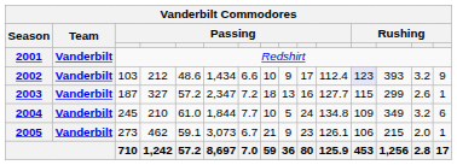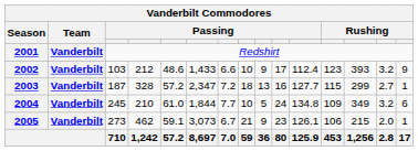 <table class="wikitable" style="text-align:center;">
 <tr>
 <th colspan="17">Vanderbilt Commodores</th>
 </tr>
 <tr>
 <th rowspan="2">Season</th>
 <th rowspan="2">Team</th>
 <th colspan="9">Passing</th>
 <th colspan="4">Rushing</th>
 </tr>
 <tr>
 <th></th>
 <th></th>
 <th></th>
 <th></th>
 <th></th>
 <th></th>
 <th></th>
 <th></th>
 <th></th>
 <th></th>
 <th></th>
 <th></th>
 <th></th>
 </tr>
 <tr>
 <th><a href='#'>2001</a></th>
 <th><a href='#'>Vanderbilt</a></th>
 <td colspan="13"> <em><a href='#'>Redshirt</a></em></td>
 </tr>
 <tr>
 <th><a href='#'>2002</a></th>
 <th><a href='#'>Vanderbilt</a></th>
 <td>103</td>
 <td>212</td>
 <td>48.6</td>
-<td>1,434</td>
+<td>1,433</td>
 <td>6.6</td>
 <td>10</td>
 <td>9</td>
 <td>17</td>
 <td>112.4</td>
-<td style="background: lavender;">123</td>
+<td>123</td>
 <td>393</td>
 <td>3.2</td>
 <td>9</td>
 </tr>
 <tr>
 <th><a href='#'>2003</a></th>
 <th><a href='#'>Vanderbilt</a></th>
 <td>187</td>
-<td>327</td>
+<td>328</td>
 <td>57.2</td>
 <td>2,347</td>
 <td>7.2</td>
 <td>18</td>
 <td>13</td>
 <td>16</td>
 <td>127.7</td>
 <td>115</td>
 <td>299</td>
-<td>2.6</td>
+<td>2.7</td>
 <td>1</td>
 </tr>
 <tr>
 <th><a href='#'>2004</a></th>
 <th><a href='#'>Vanderbilt</a></th>
 <td>245</td>
 <td>210</td>
 <td>61.0</td>
 <td>1,844</td>
 <td>7.7</td>
 <td>10</td>
 <td>5</td>
 <td>24</td>
 <td>134.8</td>
 <td>109</td>
 <td>349</td>
 <td>3.2</td>
 <td>6</td>
 </tr>
 <tr>
 <th><a href='#'>2005</a></th>
 <th><a href='#'>Vanderbilt</a></th>
 <td>273</td>
 <td>462</td>
 <td>59.1</td>
 <td>3,073</td>
 <td>6.7</td>
 <td>21</td>
 <td>9</td>
 <td>23</td>
 <td>126.1</td>
 <td>106</td>
 <td>215</td>
 <td>2.0</td>
 <td>1</td>
 </tr>
 <tr>
 <th colspan="2"></th>
 <th>710</th>
 <th>1,242</th>
 <th>57.2</th>
 <th>8,697</th>
 <th>7.0</th>
 <th>59</th>
 <th>36</th>
 <th>80</th>
 <th>125.9</th>
 <th>453</th>
 <th>1,256</th>
 <th>2.8</th>
 <th>17</th>
 </tr>
 </table>
